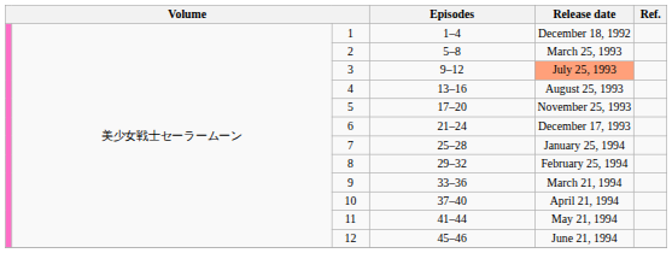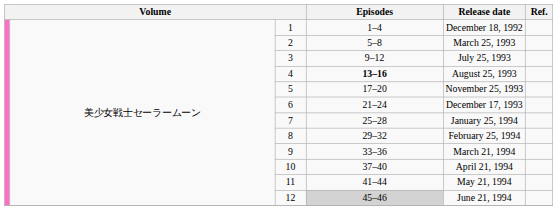 <table class="wikitable" style="text-align: center;">
 <tr>
 <th colspan="3">Volume</th>
 <th width="25%">Episodes</th>
 <th width="15%">Release date</th>
 <th width="5%">Ref.</th>
 </tr>
 <tr>
 <td rowspan="12" width="1%" style="background: #FF6EC7;"></td>
 <td rowspan="12">美少女戦士セーラームーン</td>
 <td>1</td>
 <td>1–4</td>
 <td>December 18, 1992</td>
 <td></td>
 </tr>
 <tr>
 <td>2</td>
 <td>5–8</td>
 <td>March 25, 1993</td>
 <td></td>
 </tr>
 <tr>
 <td>3</td>
 <td>9–12</td>
-<td style="background: lightsalmon;">July 25, 1993</td>
+<td>July 25, 1993</td>
 <td></td>
 </tr>
 <tr>
 <td>4</td>
-<td>13–16</td>
+<td><strong>13–16</strong></td>
 <td>August 25, 1993</td>
 <td></td>
 </tr>
 <tr>
 <td>5</td>
 <td>17–20</td>
 <td>November 25, 1993</td>
 <td></td>
 </tr>
 <tr>
 <td>6</td>
 <td>21–24</td>
 <td>December 17, 1993</td>
 <td></td>
 </tr>
 <tr>
 <td>7</td>
 <td>25–28</td>
 <td>January 25, 1994</td>
 <td></td>
 </tr>
 <tr>
 <td>8</td>
 <td>29–32</td>
 <td>February 25, 1994</td>
 <td></td>
 </tr>
 <tr>
 <td>9</td>
 <td>33–36</td>
 <td>March 21, 1994</td>
 <td></td>
 </tr>
 <tr>
 <td>10</td>
 <td>37–40</td>
 <td>April 21, 1994</td>
 <td></td>
 </tr>
 <tr>
 <td>11</td>
 <td>41–44</td>
 <td>May 21, 1994</td>
 <td></td>
 </tr>
 <tr>
 <td>12</td>
-<td>45–46</td>
+<td style="background: lightgrey;">45–46</td>
 <td>June 21, 1994</td>
 <td></td>
 </tr>
 <tr>
 </tr>
 </table>
